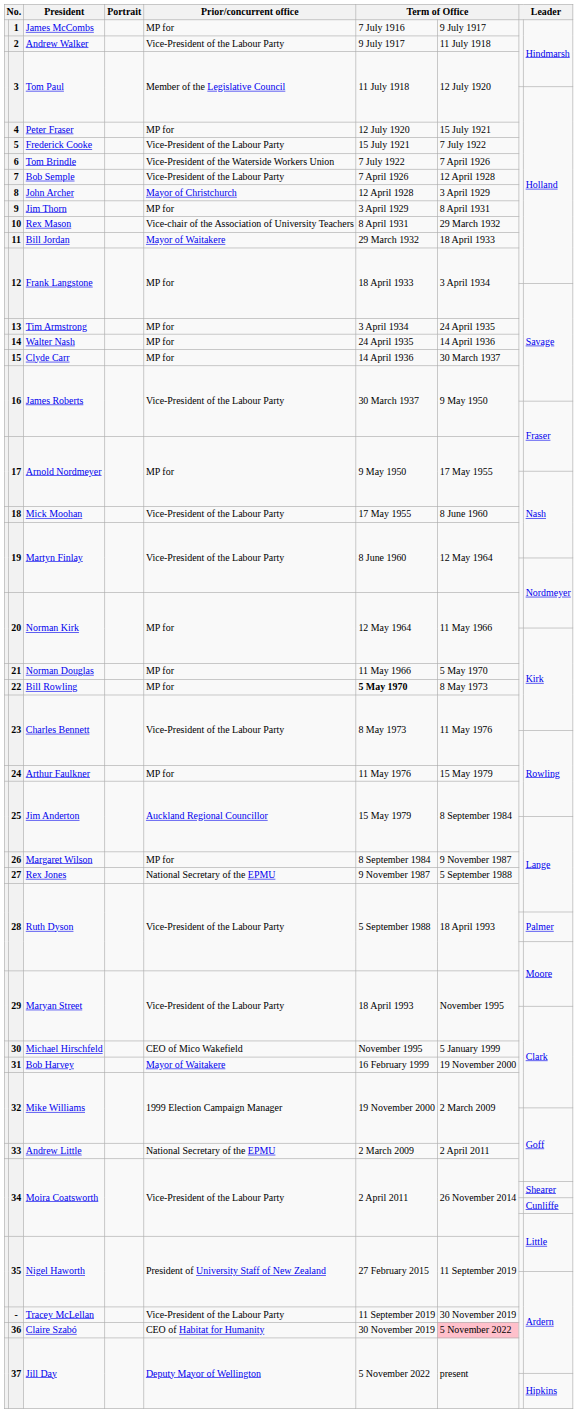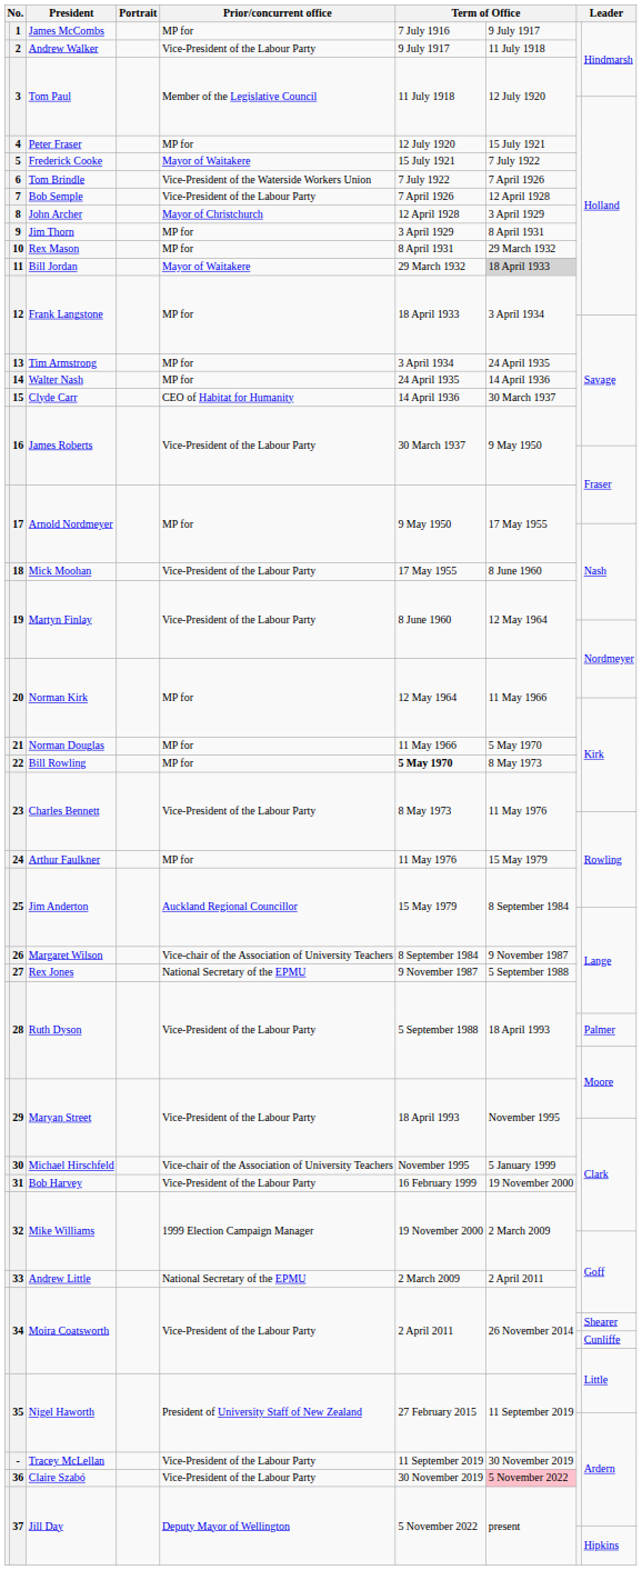 <table class="wikitable">
 <tr>
 <th colspan=2>No.</th>
 <th>President</th>
 <th>Portrait</th>
 <th>Prior/concurrent office</th>
 <th colspan=2>Term of Office</th>
 <th colspan=2>Leader</th>
 </tr>
 <tr>
 <th style="background:"></th>
 <th>1</th>
 <td><a href='#'>James McCombs</a></td>
 <td></td>
 <td>MP for </td>
 <td>7 July 1916</td>
 <td>9 July 1917</td>
 <td rowspan="3" style="background:"></td>
 <td rowspan=3><a href='#'>Hindmarsh</a></td>
 </tr>
 <tr>
 <th style="background:"></th>
 <th>2</th>
 <td><a href='#'>Andrew Walker</a></td>
 <td></td>
 <td>Vice-President of the Labour Party</td>
 <td>9 July 1917</td>
 <td>11 July 1918</td>
 </tr>
 <tr>
 <th height=50 style="border-bottom:solid 0 grey; background:"></th>
 <th rowspan="2">3</th>
 <td rowspan="2"><a href='#'>Tom Paul</a></td>
 <td rowspan="2"></td>
 <td rowspan="2">Member of the <a href='#'>Legislative Council</a></td>
 <td rowspan="2">11 July 1918</td>
 <td rowspan="2">12 July 1920</td>
 </tr>
 <tr>
 <th height=50 style="border-top:solid 0 grey; background:"></th>
 <td rowspan="10" style="background:"></td>
 <td rowspan="10"><a href='#'>Holland</a></td>
 </tr>
 <tr>
 <th style="background:"></th>
 <th>4</th>
 <td><a href='#'>Peter Fraser</a></td>
 <td></td>
 <td>MP for </td>
 <td>12 July 1920</td>
 <td>15 July 1921</td>
 </tr>
 <tr>
 <th style="background:"></th>
 <th>5</th>
 <td><a href='#'>Frederick Cooke</a></td>
 <td></td>
-<td>Vice-President of the Labour Party</td>
+<td><a href='#'>Mayor of Waitakere</a></td>
 <td>15 July 1921</td>
 <td>7 July 1922</td>
 </tr>
 <tr>
 <th style="background:"></th>
 <th>6</th>
 <td><a href='#'>Tom Brindle</a></td>
 <td></td>
 <td>Vice-President of the Waterside Workers Union</td>
 <td>7 July 1922</td>
 <td>7 April 1926</td>
 </tr>
 <tr>
 <th style="background:"></th>
 <th>7</th>
 <td><a href='#'>Bob Semple</a></td>
 <td></td>
 <td>Vice-President of the Labour Party</td>
 <td>7 April 1926</td>
 <td>12 April 1928</td>
 </tr>
 <tr>
 <th style="background:"></th>
 <th>8</th>
 <td><a href='#'>John Archer</a></td>
 <td></td>
 <td><a href='#'>Mayor of Christchurch</a></td>
 <td>12 April 1928</td>
 <td>3 April 1929</td>
 </tr>
 <tr>
 <th style="background:"></th>
 <th>9</th>
 <td><a href='#'>Jim Thorn</a></td>
 <td></td>
 <td>MP for </td>
 <td>3 April 1929</td>
 <td>8 April 1931</td>
 </tr>
 <tr>
 <th style="background:"></th>
 <th>10</th>
 <td><a href='#'>Rex Mason</a></td>
 <td></td>
-<td>Vice-chair of the Association of University Teachers</td>
+<td>MP for </td>
 <td>8 April 1931</td>
 <td>29 March 1932</td>
 </tr>
 <tr>
 <th style="background:"></th>
 <th>11</th>
 <td><a href='#'>Bill Jordan</a></td>
 <td></td>
 <td><a href='#'>Mayor of Waitakere</a></td>
 <td>29 March 1932</td>
-<td>18 April 1933</td>
+<td style="background: lightgrey;">18 April 1933</td>
 </tr>
 <tr>
 <th height=50 style="border-bottom:solid 0 grey; background:"></th>
 <th rowspan="2">12</th>
 <td rowspan="2"><a href='#'>Frank Langstone</a></td>
 <td rowspan="2"></td>
 <td rowspan="2">MP for </td>
 <td rowspan="2">18 April 1933</td>
 <td rowspan="2">3 April 1934</td>
 </tr>
 <tr>
 <th height=50 style="border-top:solid 0 grey; background:"></th>
 <td rowspan="5" style="background:"></td>
 <td rowspan="5"><a href='#'>Savage</a></td>
 </tr>
 <tr>
 <th style="background:"></th>
 <th>13</th>
 <td><a href='#'>Tim Armstrong</a></td>
 <td></td>
 <td>MP for </td>
 <td>3 April 1934</td>
 <td>24 April 1935</td>
 </tr>
 <tr>
 <th style="background:"></th>
 <th>14</th>
 <td><a href='#'>Walter Nash</a></td>
 <td></td>
 <td>MP for </td>
 <td>24 April 1935</td>
 <td>14 April 1936</td>
 </tr>
 <tr>
 <th style="background:"></th>
 <th>15</th>
 <td><a href='#'>Clyde Carr</a></td>
 <td></td>
-<td>MP for </td>
+<td>CEO of <a href='#'>Habitat for Humanity</a></td>
 <td>14 April 1936</td>
 <td>30 March 1937</td>
 </tr>
 <tr>
 <th height=50 style="border-bottom:solid 0 grey; background:"></th>
 <th rowspan="2">16</th>
 <td rowspan="2"><a href='#'>James Roberts</a></td>
 <td rowspan="2"></td>
 <td rowspan="2">Vice-President of the Labour Party</td>
 <td rowspan="2">30 March 1937</td>
 <td rowspan="2">9 May 1950</td>
 </tr>
 <tr>
 <th height=50 style="border-top:solid 0 grey; background:"></th>
 <td rowspan="2" style="background:"></td>
 <td rowspan="2"><a href='#'>Fraser</a></td>
 </tr>
 <tr>
 <th height=50 style="border-bottom:solid 0 grey; background:"></th>
 <th rowspan="2">17</th>
 <td rowspan="2"><a href='#'>Arnold Nordmeyer</a></td>
 <td rowspan="2"></td>
 <td rowspan="2">MP for </td>
 <td rowspan="2">9 May 1950</td>
 <td rowspan="2">17 May 1955</td>
 </tr>
 <tr>
 <th height=50 style="border-top:solid 0 grey; background:"></th>
 <td rowspan="3" style="background:"></td>
 <td rowspan="3"><a href='#'>Nash</a></td>
 </tr>
 <tr>
 <th style="background:"></th>
 <th>18</th>
 <td><a href='#'>Mick Moohan</a></td>
 <td></td>
 <td>Vice-President of the Labour Party</td>
 <td>17 May 1955</td>
 <td>8 June 1960</td>
 </tr>
 <tr>
 <th height=50 style="border-bottom:solid 0 grey; background:"></th>
 <th rowspan="2">19</th>
 <td rowspan="2"><a href='#'>Martyn Finlay</a></td>
 <td rowspan="2"></td>
 <td rowspan="2">Vice-President of the Labour Party</td>
 <td rowspan="2">8 June 1960</td>
 <td rowspan="2">12 May 1964</td>
 </tr>
 <tr>
 <th height=50 style="border-top:solid 0 grey; background:"></th>
 <td rowspan="2" style="background:"></td>
 <td rowspan="2"><a href='#'>Nordmeyer</a></td>
 </tr>
 <tr>
 <th height=50 style="border-bottom:solid 0 grey; background:"></th>
 <th rowspan="2">20</th>
 <td rowspan="2"><a href='#'>Norman Kirk</a></td>
 <td rowspan="2"></td>
 <td rowspan="2">MP for </td>
 <td rowspan="2">12 May 1964</td>
 <td rowspan="2">11 May 1966</td>
 </tr>
 <tr>
 <th height=50 style="border-top:solid 0 grey; background:"></th>
 <td rowspan="4" style="background:"></td>
 <td rowspan="4"><a href='#'>Kirk</a></td>
 </tr>
 <tr>
 <th style="background:"></th>
 <th>21</th>
 <td><a href='#'>Norman Douglas</a></td>
 <td></td>
 <td>MP for </td>
 <td>11 May 1966</td>
 <td>5 May 1970</td>
 </tr>
 <tr>
 <th style="background:"></th>
 <th>22</th>
 <td><a href='#'>Bill Rowling</a></td>
 <td></td>
 <td>MP for </td>
 <td><strong>5 May 1970</strong></td>
 <td>8 May 1973</td>
 </tr>
 <tr>
 <th height=50 style="border-bottom:solid 0 grey; background:"></th>
 <th rowspan="2">23</th>
 <td rowspan="2"><a href='#'>Charles Bennett</a></td>
 <td rowspan="2"></td>
 <td rowspan="2">Vice-President of the Labour Party</td>
 <td rowspan="2">8 May 1973</td>
 <td rowspan="2">11 May 1976</td>
 </tr>
 <tr>
 <th height=50 style="border-top:solid 0 grey; background:"></th>
 <td rowspan="3" style="background:"></td>
 <td rowspan="3"><a href='#'>Rowling</a></td>
 </tr>
 <tr>
 <th style="background:"></th>
 <th>24</th>
 <td><a href='#'>Arthur Faulkner</a></td>
 <td></td>
 <td>MP for </td>
 <td>11 May 1976</td>
 <td>15 May 1979</td>
 </tr>
 <tr>
 <th height=50 style="border-bottom:solid 0 grey; background:"></th>
 <th rowspan="2">25</th>
 <td rowspan="2"><a href='#'>Jim Anderton</a></td>
 <td rowspan="2"></td>
 <td rowspan="2"><a href='#'>Auckland Regional Councillor</a></td>
 <td rowspan="2">15 May 1979</td>
 <td rowspan="2">8 September 1984</td>
 </tr>
 <tr>
 <th height=50 style="border-top:solid 0 grey; background:"></th>
 <td rowspan="3" style="border-bottom:solid 0 grey; background:"></td>
 <td rowspan="4"><a href='#'>Lange</a></td>
 </tr>
 <tr>
 <th style="background:"></th>
 <th>26</th>
 <td><a href='#'>Margaret Wilson</a></td>
 <td></td>
-<td>MP for </td>
+<td>Vice-chair of the Association of University Teachers</td>
 <td>8 September 1984</td>
 <td>9 November 1987</td>
 </tr>
 <tr>
 <th style="background:"></th>
 <th>27</th>
 <td><a href='#'>Rex Jones</a></td>
 <td></td>
 <td>National Secretary of the <a href='#'>EPMU</a></td>
 <td>9 November 1987</td>
 <td>5 September 1988</td>
 </tr>
 <tr>
 <th rowspan="2" style="border-bottom:solid 0 grey; background:"></th>
 <th rowspan="3">28</th>
 <td rowspan="3"><a href='#'>Ruth Dyson</a></td>
 <td rowspan="3"></td>
 <td rowspan="3">Vice-President of the Labour Party</td>
 <td rowspan="3">5 September 1988</td>
 <td rowspan="3">18 April 1993</td>
 <td height=40 style="border-top:solid 0 grey; background:"></td>
 </tr>
 <tr>
 <td height=40 style="background:"></td>
 <td><a href='#'>Palmer</a></td>
 </tr>
 <tr>
 <th height=40 style="border-top:solid 0 grey; background:"></th>
 <td rowspan="2" style="background:"></td>
 <td rowspan="2"><a href='#'>Moore</a></td>
 </tr>
 <tr>
 <th height=50 style="border-bottom:solid 0 grey; background:"></th>
 <th rowspan="2">29</th>
 <td rowspan="2"><a href='#'>Maryan Street</a></td>
 <td rowspan="2"></td>
 <td rowspan="2">Vice-President of the Labour Party</td>
 <td rowspan="2">18 April 1993</td>
 <td rowspan="2">November 1995</td>
 </tr>
 <tr>
 <th height=50 style="border-top:solid 0 grey; background:"></th>
 <td rowspan="4" style="background:"></td>
 <td rowspan="4"><a href='#'>Clark</a></td>
 </tr>
 <tr>
 <th style="background:"></th>
 <th>30</th>
 <td><a href='#'>Michael Hirschfeld</a></td>
 <td></td>
-<td>CEO of Mico Wakefield</td>
+<td>Vice-chair of the Association of University Teachers</td>
 <td>November 1995</td>
 <td>5 January 1999</td>
 </tr>
 <tr>
 <th style="background:"></th>
 <th>31</th>
 <td><a href='#'>Bob Harvey</a></td>
 <td></td>
-<td><a href='#'>Mayor of Waitakere</a></td>
+<td>Vice-President of the Labour Party</td>
 <td>16 February 1999</td>
 <td>19 November 2000</td>
 </tr>
 <tr>
 <th height=50 style="border-bottom:solid 0 grey; background:"></th>
 <th rowspan="2">32</th>
 <td rowspan="2"><a href='#'>Mike Williams</a></td>
 <td rowspan="2"></td>
 <td rowspan="2">1999 Election Campaign Manager</td>
 <td rowspan="2">19 November 2000</td>
 <td rowspan="2">2 March 2009</td>
 </tr>
 <tr>
 <th height=50 style="border-top:solid 0 grey; background:"></th>
 <td rowspan="2" style="border-bottom:solid 0 grey; background:"></td>
 <td rowspan="3"><a href='#'>Goff</a></td>
 </tr>
 <tr>
 <th style="background:"></th>
 <th>33</th>
 <td><a href='#'>Andrew Little</a></td>
 <td></td>
 <td>National Secretary of the <a href='#'>EPMU</a></td>
 <td>2 March 2009</td>
 <td>2 April 2011</td>
 </tr>
 <tr>
 <th rowspan="3" style="border-bottom:solid 0 grey; background:"></th>
 <th rowspan="4">34</th>
 <td rowspan="4"><a href='#'>Moira Coatsworth</a></td>
 <td rowspan="4"></td>
 <td rowspan="4">Vice-President of the Labour Party</td>
 <td rowspan="4">2 April 2011</td>
 <td rowspan="4">26 November 2014</td>
 <td height=30 style="border-top:solid 0 grey; background:"></td>
 </tr>
 <tr>
 <td style="background:"></td>
 <td><a href='#'>Shearer</a></td>
 </tr>
 <tr>
 <td style="background:"></td>
 <td><a href='#'>Cunliffe</a></td>
 </tr>
 <tr>
 <th height=30 style="border-top:solid 0 grey; background:"></th>
 <td rowspan="2" style="background:"></td>
 <td rowspan="2"><a href='#'>Little</a></td>
 </tr>
 <tr>
 <th height=50 style="border-bottom:solid 0 grey; background:"></th>
 <th rowspan="2">35</th>
 <td rowspan="2"><a href='#'>Nigel Haworth</a></td>
 <td rowspan="2"></td>
 <td rowspan="2">President of <a href='#'>University Staff of New Zealand</a></td>
 <td rowspan="2">27 February 2015</td>
 <td rowspan="2">11 September 2019</td>
 </tr>
 <tr>
 <th height=50 style="border-top:solid 0 grey; background:"></th>
 <td rowspan="4" style="background:"></td>
 <td rowspan="4"><a href='#'>Ardern</a></td>
 </tr>
 <tr>
 <th style="background:"></th>
 <th>-</th>
 <td><a href='#'>Tracey McLellan</a><br></td>
 <td></td>
 <td>Vice-President of the Labour Party</td>
 <td>11 September 2019</td>
 <td>30 November 2019</td>
 </tr>
 <tr>
 <th style="background:"></th>
 <th>36</th>
 <td><a href='#'>Claire Szabó</a></td>
 <td></td>
-<td>CEO of <a href='#'>Habitat for Humanity</a></td>
+<td>Vice-President of the Labour Party</td>
 <td>30 November 2019</td>
 <td style="background: pink;">5 November 2022</td>
 </tr>
 <tr>
 <th height=50 style="border-bottom:solid 0 grey; background:"></th>
 <th rowspan="2">37</th>
 <td rowspan="2"><a href='#'>Jill Day</a></td>
 <td rowspan="2"></td>
 <td rowspan="2"><a href='#'>Deputy Mayor of Wellington</a></td>
 <td rowspan="2">5 November 2022</td>
 <td rowspan="2">present</td>
 </tr>
 <tr>
 <th height=50 style="border-top:solid 0 grey; background:"></th>
 <td style="background:"></td>
 <td><a href='#'>Hipkins</a></td>
 </tr>
 </table>
